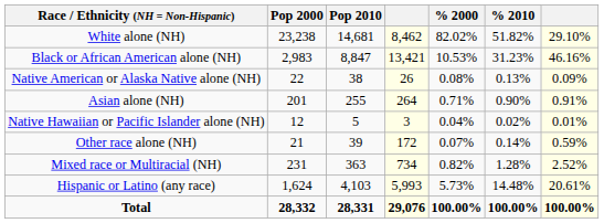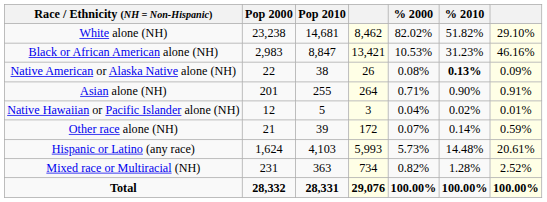 <table class="wikitable" style="text-align:center;">
 <tr>
 <th>Race / Ethnicity <small>(<em>NH = Non-Hispanic</em>)</small></th>
 <th>Pop 2000</th>
 <th>Pop 2010</th>
 <th></th>
 <th>% 2000</th>
 <th>% 2010</th>
 <th></th>
 </tr>
 <tr>
 <td><a href='#'>White</a> alone (NH)</td>
 <td>23,238</td>
 <td>14,681</td>
 <td style='background: #ffffe6;'>8,462</td>
 <td>82.02%</td>
 <td>51.82%</td>
 <td style='background: #ffffe6;'>29.10%</td>
 </tr>
 <tr>
 <td><a href='#'>Black or African American</a> alone (NH)</td>
 <td>2,983</td>
 <td>8,847</td>
 <td style='background: #ffffe6;'>13,421</td>
 <td>10.53%</td>
 <td>31.23%</td>
 <td style='background: #ffffe6;'>46.16%</td>
 </tr>
 <tr>
 <td><a href='#'>Native American</a> or <a href='#'>Alaska Native</a> alone (NH)</td>
 <td>22</td>
 <td>38</td>
 <td style='background: #ffffe6;'>26</td>
 <td>0.08%</td>
-<td>0.13%</td>
+<td><strong>0.13%</strong></td>
 <td style='background: #ffffe6;'>0.09%</td>
 </tr>
 <tr>
 <td><a href='#'>Asian</a> alone (NH)</td>
 <td>201</td>
 <td>255</td>
 <td style='background: #ffffe6;'>264</td>
 <td>0.71%</td>
 <td>0.90%</td>
 <td style='background: #ffffe6;'>0.91%</td>
 </tr>
 <tr>
 <td><a href='#'>Native Hawaiian</a> or <a href='#'>Pacific Islander</a> alone (NH)</td>
 <td>12</td>
 <td>5</td>
 <td style='background: #ffffe6;'>3</td>
 <td>0.04%</td>
 <td>0.02%</td>
 <td style='background: #ffffe6;'>0.01%</td>
 </tr>
 <tr>
 <td><a href='#'>Other race</a> alone (NH)</td>
 <td>21</td>
 <td>39</td>
 <td style='background: #ffffe6;'>172</td>
 <td>0.07%</td>
 <td>0.14%</td>
 <td style='background: #ffffe6;'>0.59%</td>
 </tr>
 <tr>
+<td><a href='#'>Hispanic or Latino</a> (any race)</td>
+<td>1,624</td>
+<td>4,103</td>
+<td style='background: #ffffe6;'>5,993</td>
+<td>5.73%</td>
+<td>14.48%</td>
+<td style='background: #ffffe6;'>20.61%</td>
+</tr>
+<tr>
 <td><a href='#'>Mixed race or Multiracial</a> (NH)</td>
 <td>231</td>
 <td>363</td>
 <td style='background: #ffffe6;'>734</td>
 <td>0.82%</td>
 <td>1.28%</td>
 <td style='background: #ffffe6;'>2.52%</td>
-</tr>
-<tr>
-<td><a href='#'>Hispanic or Latino</a> (any race)</td>
-<td>1,624</td>
-<td>4,103</td>
-<td style='background: #ffffe6;'>5,993</td>
-<td>5.73%</td>
-<td>14.48%</td>
-<td style='background: #ffffe6;'>20.61%</td>
 </tr>
 <tr>
 <td><strong>Total</strong></td>
 <td><strong>28,332</strong></td>
 <td><strong>28,331</strong></td>
 <td style='background: #ffffe6;'><strong>29,076</strong></td>
 <td><strong>100.00%</strong></td>
 <td><strong>100.00%</strong></td>
 <td style='background: #ffffe6;'><strong>100.00%</strong></td>
 </tr>
 </table>
